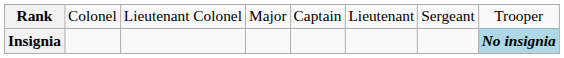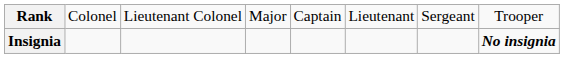 <table class="wikitable">
 <tr style="text-align:center;">
 <th>Rank</th>
 <td>Colonel</td>
 <td>Lieutenant Colonel</td>
 <td>Major</td>
 <td>Captain</td>
 <td>Lieutenant</td>
 <td>Sergeant</td>
 <td>Trooper</td>
 </tr>
 <tr style="text-align:center;">
 <th>Insignia</th>
 <td></td>
 <td></td>
 <td></td>
 <td></td>
 <td></td>
 <td></td>
-<td style="background: lightblue;"><strong><em>No insignia</em></strong></td>
+<td><strong><em>No insignia</em></strong></td>
 </tr>
 </table>
